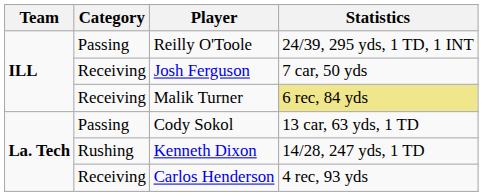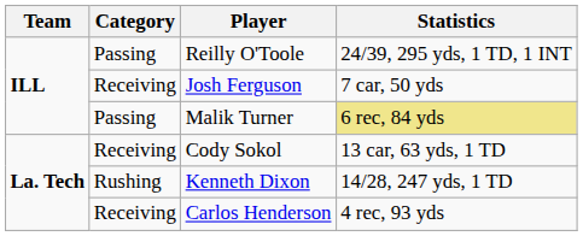 <table class="wikitable">
 <tr>
 <th>Team</th>
 <th>Category</th>
 <th>Player</th>
 <th>Statistics</th>
 </tr>
 <tr>
 <td rowspan=3><strong>ILL</strong></td>
 <td>Passing</td>
 <td>Reilly O'Toole</td>
 <td>24/39, 295 yds, 1 TD, 1 INT</td>
 </tr>
 <tr>
 <td>Receiving</td>
 <td><a href='#'>Josh Ferguson</a></td>
 <td>7 car, 50 yds</td>
 </tr>
 <tr>
-<td>Receiving</td>
+<td>Passing</td>
 <td>Malik Turner</td>
 <td style="background: khaki;">6 rec, 84 yds</td>
 </tr>
 <tr>
 <td rowspan=3><strong>La. Tech</strong></td>
-<td>Passing</td>
+<td>Receiving</td>
 <td>Cody Sokol</td>
 <td>13 car, 63 yds, 1 TD</td>
 </tr>
 <tr>
 <td>Rushing</td>
 <td><a href='#'>Kenneth Dixon</a></td>
 <td>14/28, 247 yds, 1 TD</td>
 </tr>
 <tr>
 <td>Receiving</td>
 <td><a href='#'>Carlos Henderson</a></td>
 <td>4 rec, 93 yds</td>
 </tr>
 </table>
